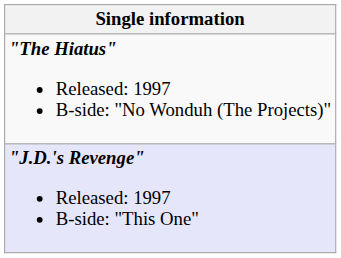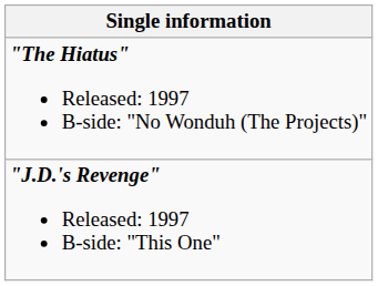 <table class="wikitable">
 <tr>
 <th>Single information</th>
 </tr>
 <tr>
 <td><strong><em>"The Hiatus"</em></strong><br><ul><li>Released: 1997</li><li>B-side: "No Wonduh (The Projects)"</li></ul></td>
 </tr>
 <tr>
-<td style="background: lavender;"><strong><em>"J.D.'s Revenge"</em></strong><br><ul><li>Released: 1997</li><li>B-side: "This One"</li></ul></td>
+<td><strong><em>"J.D.'s Revenge"</em></strong><br><ul><li>Released: 1997</li><li>B-side: "This One"</li></ul></td>
 </tr>
 </table>
